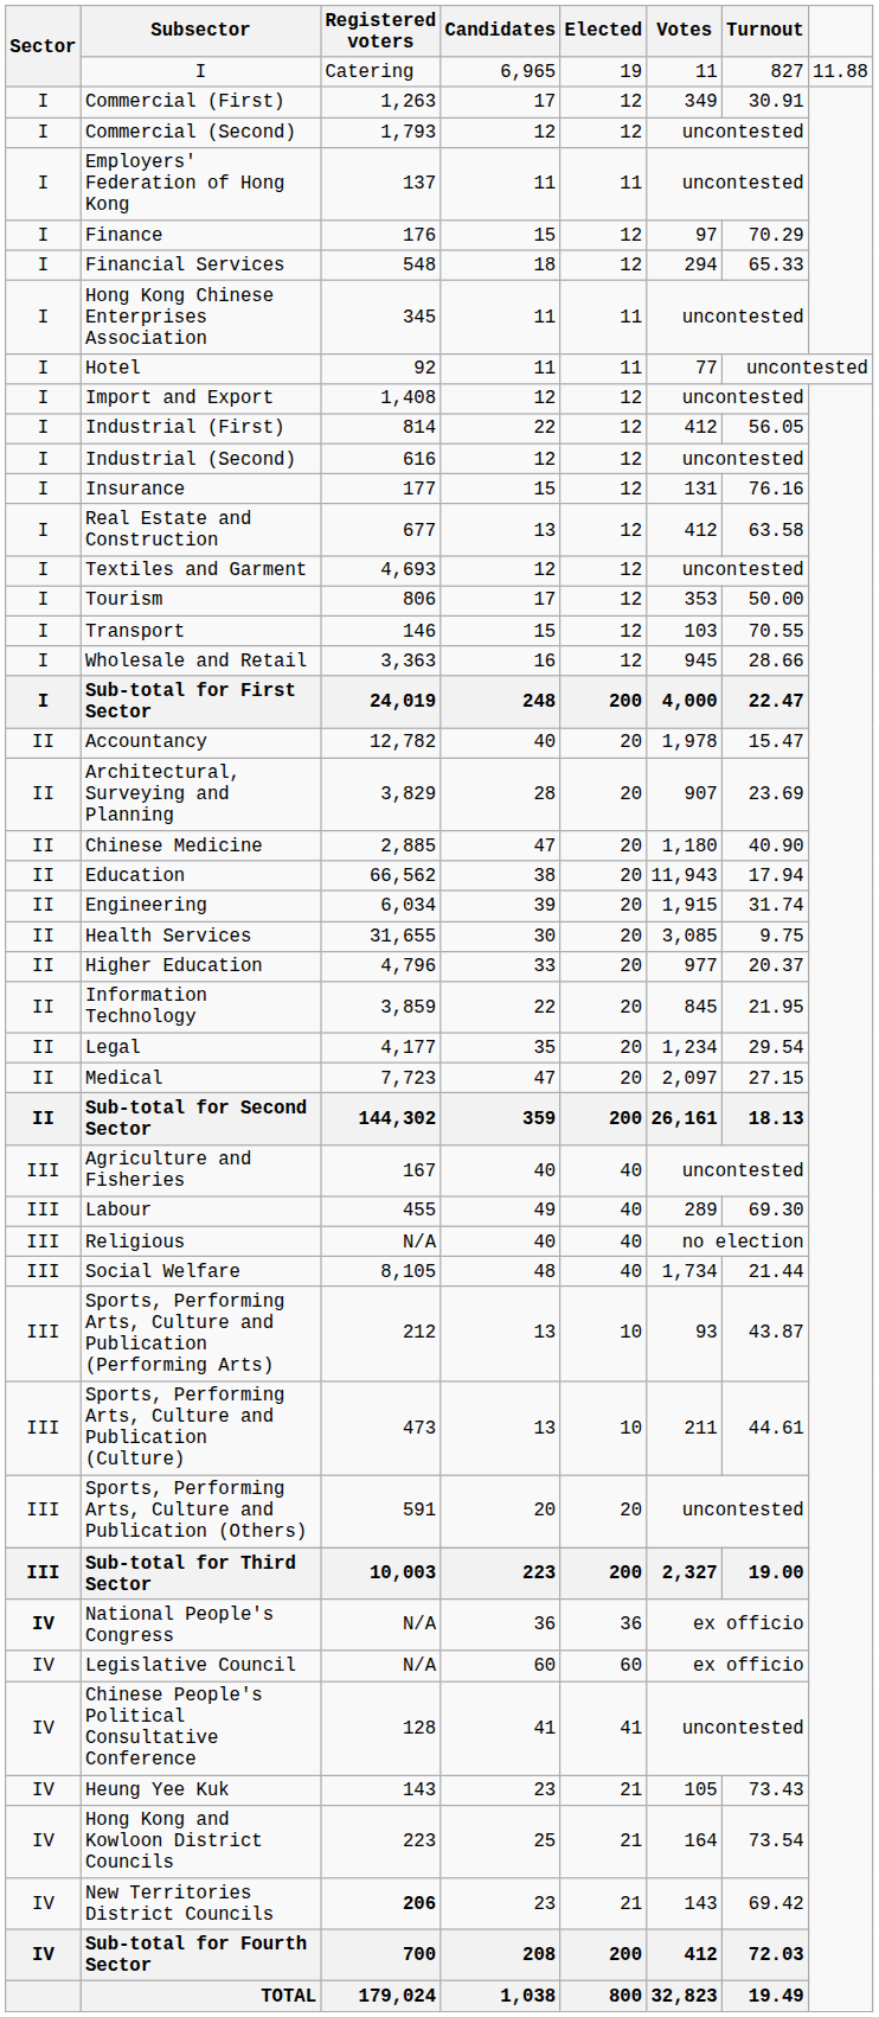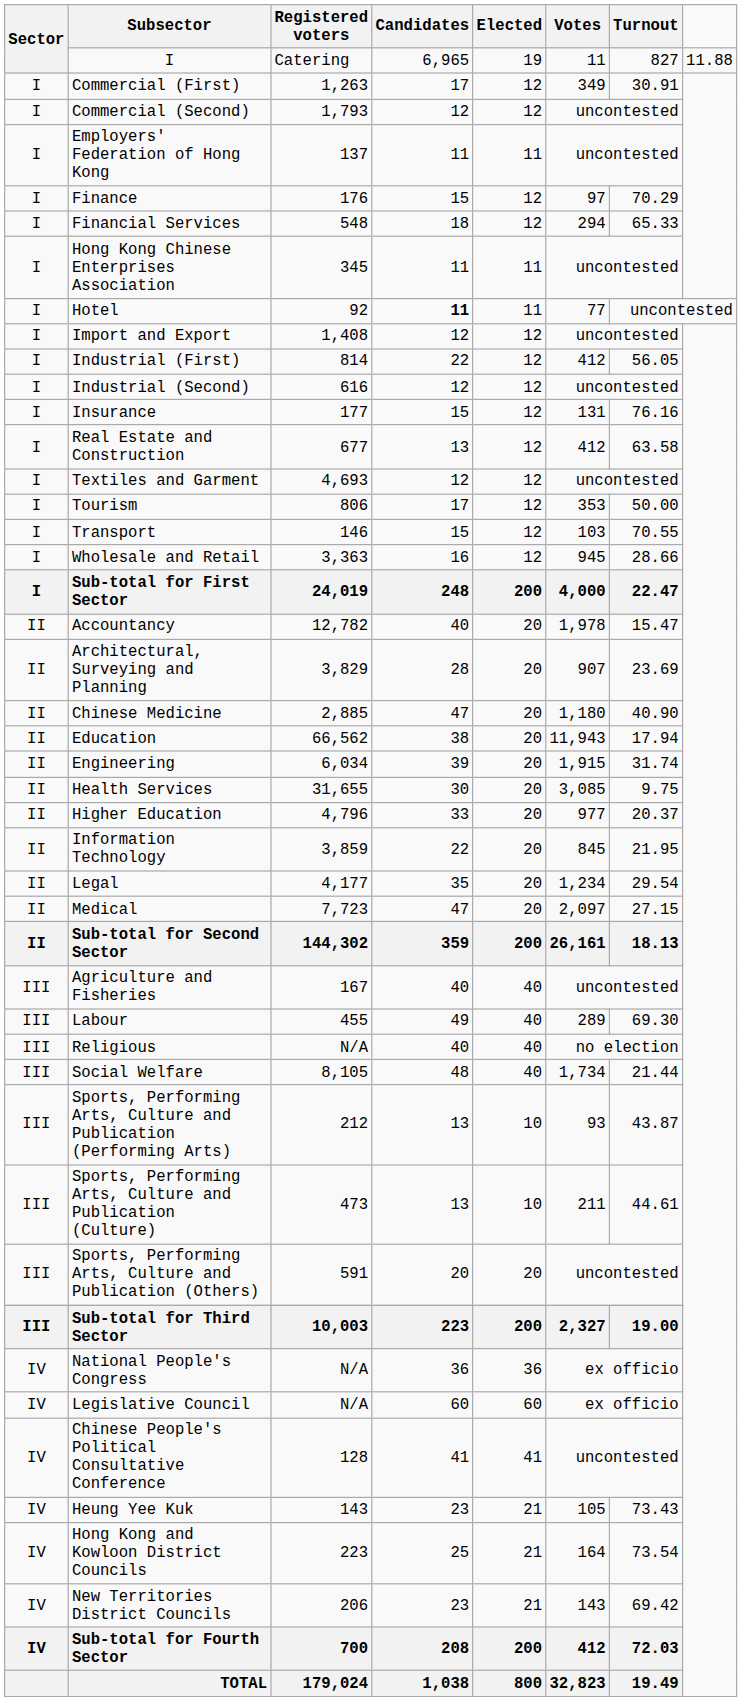 <table class="wikitable" style="text-align:right;">
 <tr>
 <th rowspan=2>Sector</th>
 <th>Subsector</th>
 <th>Registered<br>voters</th>
 <th>Candidates</th>
 <th>Elected</th>
 <th>Votes</th>
 <th>Turnout</th>
 </tr>
 <tr>
 <td align=center>I</td>
 <td align=left>Catering</td>
 <td>6,965</td>
 <td>19</td>
 <td>11</td>
 <td>827</td>
 <td>11.88</td>
 </tr>
 <tr>
 <td align=center>I</td>
 <td align=left>Commercial (First)</td>
 <td>1,263</td>
 <td>17</td>
 <td>12</td>
 <td>349</td>
 <td>30.91</td>
 </tr>
 <tr>
 <td align=center>I</td>
 <td align=left>Commercial (Second)</td>
 <td>1,793</td>
 <td>12</td>
 <td>12</td>
 <td colspan=2>uncontested</td>
 </tr>
 <tr>
 <td align=center>I</td>
 <td align=left>Employers' Federation of Hong Kong</td>
 <td>137</td>
 <td>11</td>
 <td>11</td>
 <td colspan=2>uncontested</td>
 </tr>
 <tr>
 <td align=center>I</td>
 <td align=left>Finance</td>
 <td>176</td>
 <td>15</td>
 <td>12</td>
 <td>97</td>
 <td>70.29</td>
 </tr>
 <tr>
 <td align=center>I</td>
 <td align=left>Financial Services</td>
 <td>548</td>
 <td>18</td>
 <td>12</td>
 <td>294</td>
 <td>65.33</td>
 </tr>
 <tr>
 <td align=center>I</td>
 <td align=left>Hong Kong Chinese Enterprises Association</td>
 <td>345</td>
 <td>11</td>
 <td>11</td>
 <td colspan=2>uncontested</td>
 </tr>
 <tr>
 <td align=center>I</td>
 <td align=left>Hotel</td>
 <td>92</td>
-<td>11</td>
+<td><strong>11</strong></td>
 <td>11</td>
 <td>77</td>
 <td colspan=2>uncontested</td>
 </tr>
 <tr>
 <td align=center>I</td>
 <td align=left>Import and Export</td>
 <td>1,408</td>
 <td>12</td>
 <td>12</td>
 <td colspan=2>uncontested</td>
 </tr>
 <tr>
 <td align=center>I</td>
 <td align=left>Industrial (First)</td>
 <td>814</td>
 <td>22</td>
 <td>12</td>
 <td>412</td>
 <td>56.05</td>
 </tr>
 <tr>
 <td align=center>I</td>
 <td align=left>Industrial (Second)</td>
 <td>616</td>
 <td>12</td>
 <td>12</td>
 <td colspan=2>uncontested</td>
 </tr>
 <tr>
 <td align=center>I</td>
 <td align=left>Insurance</td>
 <td>177</td>
 <td>15</td>
 <td>12</td>
 <td>131</td>
 <td>76.16</td>
 </tr>
 <tr>
 <td align=center>I</td>
 <td align=left>Real Estate and Construction</td>
 <td>677</td>
 <td>13</td>
 <td>12</td>
 <td>412</td>
 <td>63.58</td>
 </tr>
 <tr>
 <td align=center>I</td>
 <td align=left>Textiles and Garment</td>
 <td>4,693</td>
 <td>12</td>
 <td>12</td>
 <td colspan=2>uncontested</td>
 </tr>
 <tr>
 <td align=center>I</td>
 <td align=left>Tourism</td>
 <td>806</td>
 <td>17</td>
 <td>12</td>
 <td>353</td>
 <td>50.00</td>
 </tr>
 <tr>
 <td align=center>I</td>
 <td align=left>Transport</td>
 <td>146</td>
 <td>15</td>
 <td>12</td>
 <td>103</td>
 <td>70.55</td>
 </tr>
 <tr>
 <td align=center>I</td>
 <td align=left>Wholesale and Retail</td>
 <td>3,363</td>
 <td>16</td>
 <td>12</td>
 <td>945</td>
 <td>28.66</td>
 </tr>
 <tr bgcolor="F2F2F2">
 <td align=center><strong>I</strong></td>
 <td align=left><strong>Sub-total for First Sector</strong></td>
 <td><strong>24,019</strong></td>
 <td><strong>248</strong></td>
 <td><strong>200</strong></td>
 <td><strong>4,000</strong></td>
 <td><strong>22.47</strong></td>
 </tr>
 <tr>
 <td align=center>II</td>
 <td align=left>Accountancy</td>
 <td>12,782</td>
 <td>40</td>
 <td>20</td>
 <td>1,978</td>
 <td>15.47</td>
 </tr>
 <tr>
 <td align=center>II</td>
 <td align=left>Architectural, Surveying and Planning</td>
 <td>3,829</td>
 <td>28</td>
 <td>20</td>
 <td>907</td>
 <td>23.69</td>
 </tr>
 <tr>
 <td align=center>II</td>
 <td align=left>Chinese Medicine</td>
 <td>2,885</td>
 <td>47</td>
 <td>20</td>
 <td>1,180</td>
 <td>40.90</td>
 </tr>
 <tr>
 <td align=center>II</td>
 <td align=left>Education</td>
 <td>66,562</td>
 <td>38</td>
 <td>20</td>
 <td>11,943</td>
 <td>17.94</td>
 </tr>
 <tr>
 <td align=center>II</td>
 <td align=left>Engineering</td>
 <td>6,034</td>
 <td>39</td>
 <td>20</td>
 <td>1,915</td>
 <td>31.74</td>
 </tr>
 <tr>
 <td align=center>II</td>
 <td align=left>Health Services</td>
 <td>31,655</td>
 <td>30</td>
 <td>20</td>
 <td>3,085</td>
 <td>9.75</td>
 </tr>
 <tr>
 <td align=center>II</td>
 <td align=left>Higher Education</td>
 <td>4,796</td>
 <td>33</td>
 <td>20</td>
 <td>977</td>
 <td>20.37</td>
 </tr>
 <tr>
 <td align=center>II</td>
 <td align=left>Information Technology</td>
 <td>3,859</td>
 <td>22</td>
 <td>20</td>
 <td>845</td>
 <td>21.95</td>
 </tr>
 <tr>
 <td align=center>II</td>
 <td align=left>Legal</td>
 <td>4,177</td>
 <td>35</td>
 <td>20</td>
 <td>1,234</td>
 <td>29.54</td>
 </tr>
 <tr>
 <td align=center>II</td>
 <td align=left>Medical</td>
 <td>7,723</td>
 <td>47</td>
 <td>20</td>
 <td>2,097</td>
 <td>27.15</td>
 </tr>
 <tr bgcolor="F2F2F2">
 <td align=center><strong>II</strong></td>
 <td align=left><strong>Sub-total for Second Sector</strong></td>
 <td><strong>144,302</strong></td>
 <td><strong>359</strong></td>
 <td><strong>200</strong></td>
 <td><strong>26,161</strong></td>
 <td><strong>18.13</strong></td>
 </tr>
 <tr>
 <td align=center>III</td>
 <td align=left>Agriculture and Fisheries</td>
 <td>167</td>
 <td>40</td>
 <td>40</td>
 <td colspan=2>uncontested</td>
 </tr>
 <tr>
 <td align=center>III</td>
 <td align=left>Labour</td>
 <td>455</td>
 <td>49</td>
 <td>40</td>
 <td>289</td>
 <td>69.30</td>
 </tr>
 <tr>
 <td align=center>III</td>
 <td align=left>Religious</td>
 <td>N/A</td>
 <td>40</td>
 <td>40</td>
 <td colspan=2>no election</td>
 </tr>
 <tr>
 <td align=center>III</td>
 <td align=left>Social Welfare</td>
 <td>8,105</td>
 <td>48</td>
 <td>40</td>
 <td>1,734</td>
 <td>21.44</td>
 </tr>
 <tr>
 <td align=center>III</td>
 <td align=left>Sports, Performing Arts, Culture and Publication (Performing Arts)</td>
 <td>212</td>
 <td>13</td>
 <td>10</td>
 <td>93</td>
 <td>43.87</td>
 </tr>
 <tr>
 <td align=center>III</td>
 <td align=left>Sports, Performing Arts, Culture and Publication (Culture)</td>
 <td>473</td>
 <td>13</td>
 <td>10</td>
 <td>211</td>
 <td>44.61</td>
 </tr>
 <tr>
 <td align=center>III</td>
 <td align=left>Sports, Performing Arts, Culture and Publication (Others)</td>
 <td>591</td>
 <td>20</td>
 <td>20</td>
 <td colspan=2>uncontested</td>
 </tr>
 <tr>
 </tr>
 <tr bgcolor="F2F2F2">
 <td align=center><strong>III</strong></td>
 <td align=left><strong>Sub-total for Third Sector</strong></td>
 <td><strong>10,003</strong></td>
 <td><strong>223</strong></td>
 <td><strong>200</strong></td>
 <td><strong>2,327</strong></td>
 <td><strong>19.00</strong></td>
 </tr>
 <tr>
-<td align=center><strong>IV</strong></td>
+<td align=center>IV</td>
 <td align=left>National People's Congress</td>
 <td>N/A</td>
 <td>36</td>
 <td>36</td>
 <td colspan=2>ex officio</td>
 </tr>
 <tr>
 <td align=center>IV</td>
 <td align=left>Legislative Council</td>
 <td>N/A</td>
 <td>60</td>
 <td>60</td>
 <td colspan=2>ex officio</td>
 </tr>
 <tr>
 <td align=center>IV</td>
 <td align=left>Chinese People's Political Consultative Conference</td>
 <td>128</td>
 <td>41</td>
 <td>41</td>
 <td colspan=2>uncontested</td>
 </tr>
 <tr>
 <td align=center>IV</td>
 <td align=left>Heung Yee Kuk</td>
 <td>143</td>
 <td>23</td>
 <td>21</td>
 <td>105</td>
 <td>73.43</td>
 </tr>
 <tr>
 <td align=center>IV</td>
 <td align=left>Hong Kong and Kowloon District Councils</td>
 <td>223</td>
 <td>25</td>
 <td>21</td>
 <td>164</td>
 <td>73.54</td>
 </tr>
 <tr>
 <td align=center>IV</td>
 <td align=left>New Territories District Councils</td>
-<td><strong>206</strong></td>
+<td>206</td>
 <td>23</td>
 <td>21</td>
 <td>143</td>
 <td>69.42</td>
 </tr>
 <tr bgcolor="F2F2F2">
 <td align=center><strong>IV</strong></td>
 <td align=left><strong>Sub-total for Fourth Sector</strong></td>
 <td><strong>700</strong></td>
 <td><strong>208</strong></td>
 <td><strong>200</strong></td>
 <td><strong>412</strong></td>
 <td><strong>72.03</strong></td>
 </tr>
 <tr bgcolor="F2F2F2">
 <td></td>
 <td><strong>TOTAL</strong></td>
 <td><strong>179,024</strong></td>
 <td><strong>1,038</strong></td>
 <td><strong>800</strong></td>
 <td><strong>32,823</strong></td>
 <td><strong>19.49</strong></td>
 </tr>
 </table>
